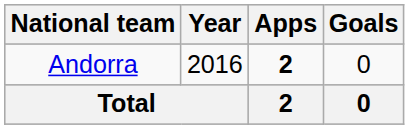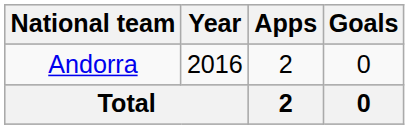 <table class="wikitable" style="text-align:center">
 <tr>
 <th>National team</th>
 <th>Year</th>
 <th>Apps</th>
 <th>Goals</th>
 </tr>
 <tr>
 <td rowspan="1"><a href='#'>Andorra</a></td>
 <td>2016</td>
-<td><strong>2</strong></td>
+<td>2</td>
 <td>0</td>
 </tr>
 <tr>
 <th colspan=2>Total</th>
 <th>2</th>
 <th>0</th>
 </tr>
 </table>
